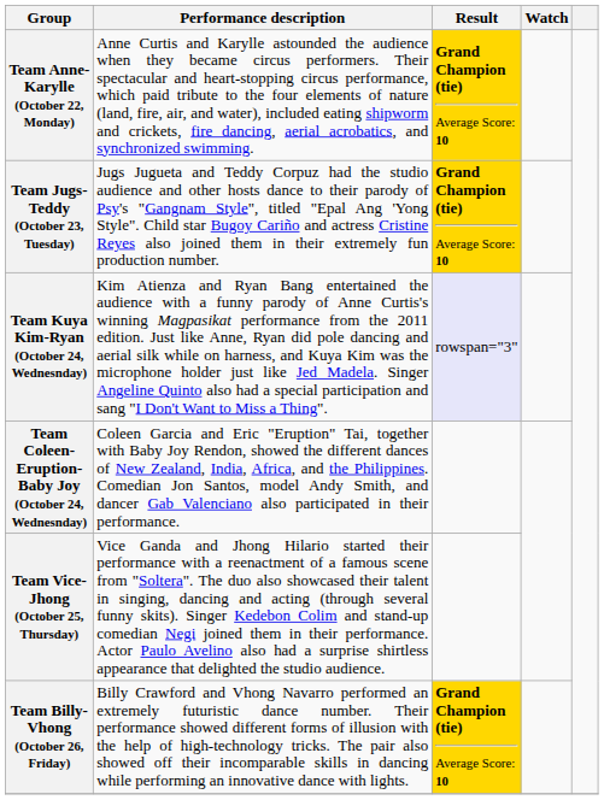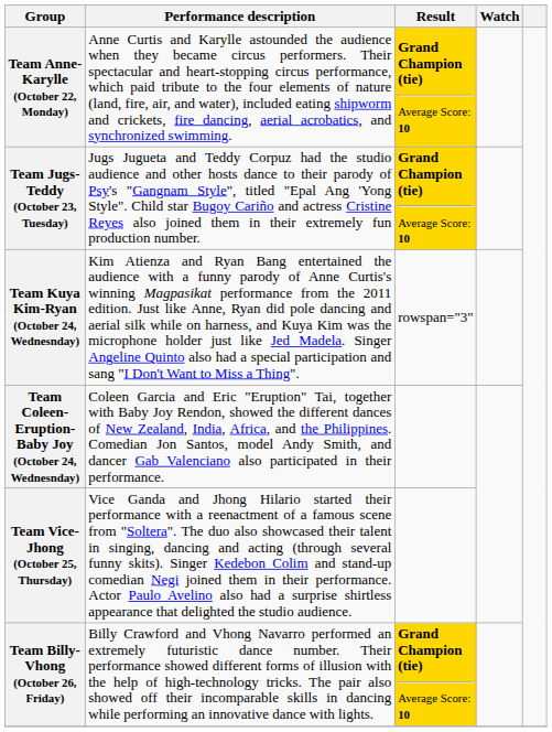 <table class="wikitable style="text-align:center; font-size:90%; line-height:18px; width:100%">
 <tr>
 <th width="15%">Group</th>
 <th width="65%">Performance description</th>
 <th width="10%">Result</th>
 <th width="5%">Watch</th>
 <th width="5%"></th>
 </tr>
 <tr>
 <th>Team Anne-Karylle<br><small>(October 22, Monday)</small></th>
 <td align="justify">Anne Curtis and Karylle astounded the audience when they became circus performers. Their spectacular and heart-stopping circus performance, which paid tribute to the four elements of nature (land, fire, air, and water), included eating <a href='#'>shipworm</a> and crickets, <a href='#'>fire dancing</a>, <a href='#'>aerial acrobatics</a>, and <a href='#'>synchronized swimming</a>.</td>
 <td style="background:gold"><strong>Grand Champion (tie)</strong><hr><small>Average Score: <strong>10</strong></small></td>
 <td></td>
 <td rowspan="6" style="text-align:center;"></td>
 </tr>
 <tr>
 <th>Team Jugs-Teddy<br><small>(October 23, Tuesday)</small></th>
 <td align="justify">Jugs Jugueta and Teddy Corpuz had the studio audience and other hosts dance to their parody of <a href='#'>Psy</a>'s "<a href='#'>Gangnam Style</a>", titled "Epal Ang 'Yong Style". Child star <a href='#'>Bugoy Cariño</a> and actress <a href='#'>Cristine Reyes</a> also joined them in their extremely fun production number.</td>
 <td style="background:gold"><strong>Grand Champion (tie)</strong><hr><small>Average Score: <strong>10</strong></small></td>
 <td></td>
 </tr>
 <tr>
 <th>Team Kuya Kim-Ryan<br><small>(October 24, Wednesnday)</small></th>
 <td align="justify">Kim Atienza and Ryan Bang entertained the audience with a funny parody of Anne Curtis's winning <em>Magpasikat</em> performance from the 2011 edition. Just like Anne, Ryan did pole dancing and aerial silk while on harness, and Kuya Kim was the microphone holder just like <a href='#'>Jed Madela</a>. Singer <a href='#'>Angeline Quinto</a> also had a special participation and sang "<a href='#'>I Don't Want to Miss a Thing</a>".</td>
-<td style="background: lavender;">rowspan="3" </td>
+<td>rowspan="3" </td>
 <td></td>
 </tr>
 <tr>
 <th>Team Coleen-Eruption-Baby Joy<br><small>(October 24, Wednesnday)</small></th>
 <td align="justify">Coleen Garcia and Eric "Eruption" Tai, together with Baby Joy Rendon, showed the different dances of <a href='#'>New Zealand</a>, <a href='#'>India</a>, <a href='#'>Africa</a>, and <a href='#'>the Philippines</a>. Comedian Jon Santos, model Andy Smith, and dancer <a href='#'>Gab Valenciano</a> also participated in their performance.</td>
 <td></td>
 </tr>
 <tr>
 <th>Team Vice-Jhong<br><small>(October 25, Thursday)</small></th>
 <td align="justify">Vice Ganda and Jhong Hilario started their performance with a reenactment of a famous scene from "<a href='#'>Soltera</a>". The duo also showcased their talent in singing, dancing and acting (through several funny skits). Singer <a href='#'>Kedebon Colim</a> and stand-up comedian <a href='#'>Negi</a> joined them in their performance. Actor <a href='#'>Paulo Avelino</a> also had a surprise shirtless appearance that delighted the studio audience.</td>
 <td></td>
 </tr>
 <tr>
 <th>Team Billy-Vhong<br><small>(October 26, Friday)</small></th>
 <td align="justify">Billy Crawford and Vhong Navarro performed an extremely futuristic dance number. Their performance showed different forms of illusion with the help of high-technology tricks. The pair also showed off their incomparable skills in dancing while performing an innovative dance with lights.</td>
 <td style="background:gold"><strong>Grand Champion (tie)</strong><hr><small>Average Score: <strong>10</strong></small></td>
 <td></td>
 </tr>
 <tr>
 </tr>
 </table>
